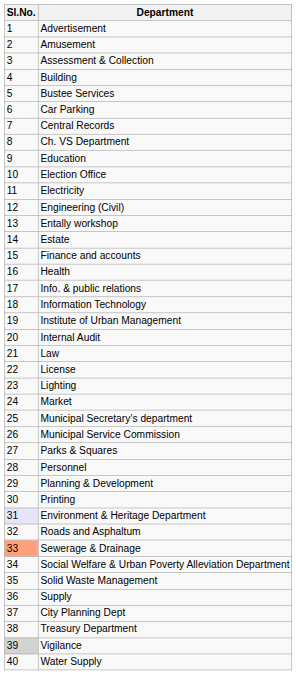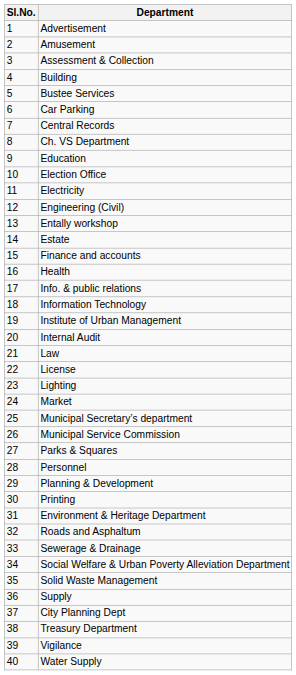 <table class="wikitable">
 <tr>
 <th>Sl.No.</th>
 <th>Department</th>
 </tr>
 <tr>
 <td>1</td>
 <td>Advertisement</td>
 </tr>
 <tr>
 <td>2</td>
 <td>Amusement</td>
 </tr>
 <tr>
 <td>3</td>
 <td>Assessment & Collection</td>
 </tr>
 <tr>
 <td>4</td>
 <td>Building</td>
 </tr>
 <tr>
 <td>5</td>
 <td>Bustee Services</td>
 </tr>
 <tr>
 <td>6</td>
 <td>Car Parking</td>
 </tr>
 <tr>
 <td>7</td>
 <td>Central Records</td>
 </tr>
 <tr>
 <td>8</td>
 <td>Ch. VS Department</td>
 </tr>
 <tr>
 <td>9</td>
 <td>Education</td>
 </tr>
 <tr>
 <td>10</td>
 <td>Election  Office</td>
 </tr>
 <tr>
 <td>11</td>
 <td>Electricity</td>
 </tr>
 <tr>
 <td>12</td>
 <td>Engineering (Civil)</td>
 </tr>
 <tr>
 <td>13</td>
 <td>Entally  workshop</td>
 </tr>
 <tr>
 <td>14</td>
 <td>Estate</td>
 </tr>
 <tr>
 <td>15</td>
 <td>Finance and accounts</td>
 </tr>
 <tr>
 <td>16</td>
 <td>Health</td>
 </tr>
 <tr>
 <td>17</td>
 <td>Info.  & public relations</td>
 </tr>
 <tr>
 <td>18</td>
 <td>Information Technology</td>
 </tr>
 <tr>
 <td>19</td>
 <td>Institute  of Urban Management</td>
 </tr>
 <tr>
 <td>20</td>
 <td>Internal  Audit</td>
 </tr>
 <tr>
 <td>21</td>
 <td>Law</td>
 </tr>
 <tr>
 <td>22</td>
 <td>License</td>
 </tr>
 <tr>
 <td>23</td>
 <td>Lighting</td>
 </tr>
 <tr>
 <td>24</td>
 <td>Market</td>
 </tr>
 <tr>
 <td>25</td>
 <td>Municipal Secretary’s department</td>
 </tr>
 <tr>
 <td>26</td>
 <td>Municipal  Service Commission</td>
 </tr>
 <tr>
 <td>27</td>
 <td>Parks & Squares</td>
 </tr>
 <tr>
 <td>28</td>
 <td>Personnel</td>
 </tr>
 <tr>
 <td>29</td>
 <td>Planning & Development</td>
 </tr>
 <tr>
 <td>30</td>
 <td>Printing</td>
 </tr>
 <tr>
-<td style="background: lavender;">31</td>
+<td>31</td>
 <td>Environment & Heritage  Department</td>
 </tr>
 <tr>
 <td>32</td>
 <td>Roads and Asphaltum</td>
 </tr>
 <tr>
-<td style="background: lightsalmon;">33</td>
+<td>33</td>
 <td>Sewerage & Drainage</td>
 </tr>
 <tr>
 <td>34</td>
 <td>Social Welfare & Urban Poverty  Alleviation Department</td>
 </tr>
 <tr>
 <td>35</td>
 <td>Solid Waste Management</td>
 </tr>
 <tr>
 <td>36</td>
 <td>Supply</td>
 </tr>
 <tr>
 <td>37</td>
 <td>City Planning Dept</td>
 </tr>
 <tr>
 <td>38</td>
 <td>Treasury Department</td>
 </tr>
 <tr>
-<td style="background: lightgrey;">39</td>
+<td>39</td>
 <td>Vigilance</td>
 </tr>
 <tr>
 <td>40</td>
 <td>Water Supply</td>
 </tr>
 </table>
